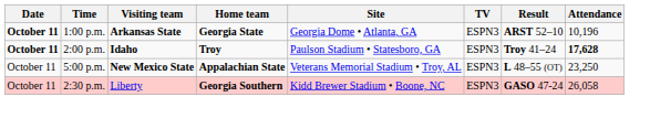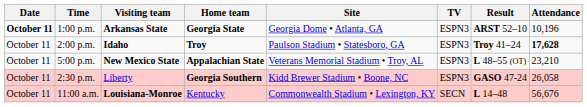 <table class="wikitable" style="font-size:95%;">
 <tr>
 <th>Date</th>
 <th>Time</th>
 <th>Visiting team</th>
 <th>Home team</th>
 <th>Site</th>
 <th>TV</th>
 <th>Result</th>
 <th>Attendance</th>
 </tr>
 <tr style="background:">
 <td><strong>October 11</strong></td>
 <td>1:00 p.m.</td>
 <td><strong>Arkansas State</strong></td>
 <td><strong>Georgia State</strong></td>
 <td><a href='#'>Georgia Dome</a> • <a href='#'>Atlanta, GA</a></td>
 <td>ESPN3</td>
 <td><strong>ARST</strong> 52–10</td>
 <td>10,196</td>
 </tr>
 <tr style="background:">
-<td><strong>October 11</strong></td>
+<td>October 11</td>
 <td>2:00 p.m.</td>
 <td><strong>Idaho</strong></td>
 <td><strong>Troy</strong></td>
 <td><a href='#'>Paulson Stadium</a> • <a href='#'>Statesboro, GA</a></td>
 <td>ESPN3</td>
 <td><strong>Troy</strong> 41–24</td>
 <td><strong>17,628</strong></td>
 </tr>
 <tr style="background:">
 <td>October 11</td>
 <td>5:00 p.m.</td>
 <td><strong>New Mexico State</strong></td>
 <td><strong>Appalachian State</strong></td>
 <td><a href='#'>Veterans Memorial Stadium</a> • <a href='#'>Troy, AL</a></td>
 <td>ESPN3</td>
 <td><strong>L</strong> 48–55 <small>(OT)</small></td>
-<td>23,250</td>
+<td>23,210</td>
 </tr>
 <tr style="background:#fcc">
 <td>October 11</td>
 <td>2:30 p.m.</td>
 <td><a href='#'>Liberty</a></td>
 <td><strong>Georgia Southern</strong></td>
 <td><a href='#'>Kidd Brewer Stadium</a> • <a href='#'>Boone, NC</a></td>
 <td>ESPN3</td>
 <td><strong>GASO</strong> 47-24</td>
 <td>26,058</td>
 </tr>
+<tr style="background:#fcc">
+<td>October 11</td>
+<td>11:00 a.m.</td>
+<td><strong>Louisiana-Monroe</strong></td>
+<td><a href='#'>Kentucky</a></td>
+<td><a href='#'>Commonwealth Stadium</a> • <a href='#'>Lexington, KY</a></td>
+<td>SECN</td>
+<td><strong>L</strong> 14–48</td>
+<td>56,676</td>
+</tr>
 </table>
